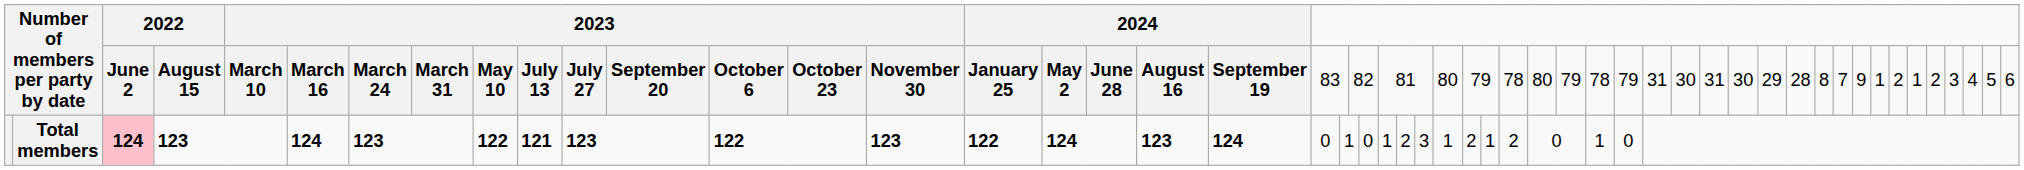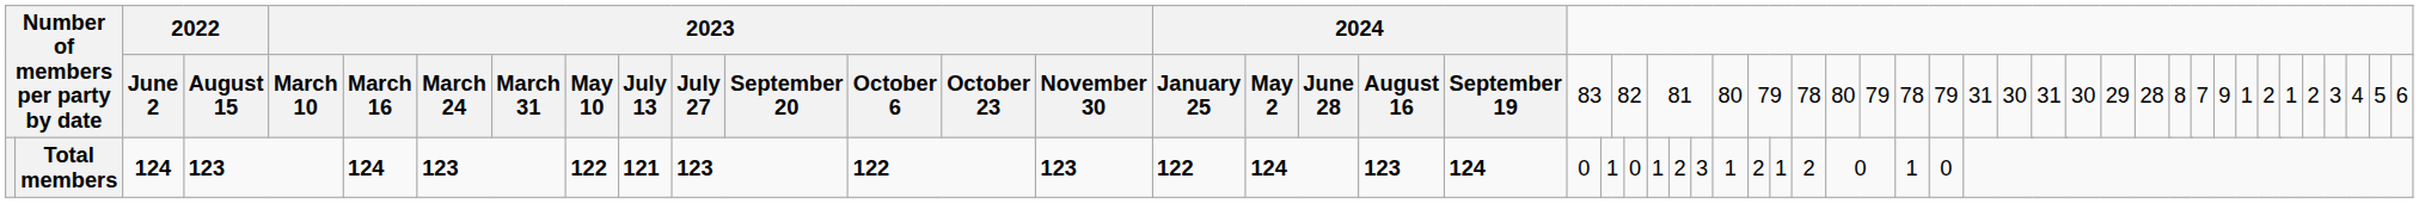 <table class="wikitable">
 <tr>
 <th colspan="2" rowspan="2">Number of members<br>per party by date</th>
 <th colspan="2">2022</th>
 <th colspan="11">2023</th>
 <th colspan="5">2024</th>
 </tr>
 <tr>
 <th>June 2</th>
 <th>August 15</th>
 <th>March 10</th>
 <th>March 16</th>
 <th>March 24</th>
 <th>March 31</th>
 <th>May 10</th>
 <th>July 13</th>
 <th>July 27</th>
 <th>September 20</th>
 <th>October 6</th>
 <th>October 23</th>
 <th>November 30</th>
 <th>January 25</th>
 <th>May 2</th>
 <th>June 28</th>
 <th>August 16</th>
 <th>September 19<br></th>
 <td colspan=2 align="center">83</td>
 <td colspan=2 align="center">82</td>
 <td colspan=5 align="center">81</td>
 <td colspan=1 align="center">80</td>
 <td colspan=3 align="center">79</td>
 <td colspan=1 align="center">78</td>
 <td colspan=1 align="center">80</td>
 <td colspan=1 align="center">79</td>
 <td colspan=1 align="center">78</td>
 <td colspan=1 align="center">79<br></td>
 <td align="center">31</td>
 <td colspan=2 align="center">30</td>
 <td colspan=2 align="center">31</td>
 <td colspan=2 align="center">30</td>
 <td colspan=4 align="center">29</td>
 <td colspan=7 align="center">28<br></td>
 <td colspan=6 align="center">8</td>
 <td colspan=2 align="center">7</td>
 <td colspan=10 align="center">9<br></td>
 <td colspan=12 align="center">1</td>
 <td colspan=6 align="center">2<br></td>
 <td colspan=2 align="center">1</td>
 <td colspan=3 align="center">2</td>
 <td colspan=4 align="center">3</td>
 <td colspan=2 align="center">4</td>
 <td colspan=4 align="center">5</td>
 <td colspan=3 align="center">6</td>
 </tr>
 <tr>
 <th></th>
 <th>Total members</th>
-<td align="center" style="background: pink;"><strong>124</strong></td>
+<td align="center"><strong>124</strong></td>
 <td colspan="2"><strong>123</strong></td>
 <td><strong>124</strong></td>
 <td colspan="2"><strong>123</strong></td>
 <td><strong>122</strong></td>
 <td><strong>121</strong></td>
 <td colspan="2"><strong>123</strong></td>
 <td colspan="2"><strong>122</strong></td>
 <td><strong>123</strong></td>
 <td><strong>122</strong></td>
 <td colspan="2"><strong>124</strong></td>
 <td><strong>123</strong></td>
 <td><strong>124</strong><br></td>
 <td align="center">0</td>
 <td colspan=2 align="center">1</td>
 <td align="center">0</td>
 <td colspan=2 align="center">1</td>
 <td align="center">2</td>
 <td align="center">3</td>
 <td colspan=2 align="center">1</td>
 <td colspan=2 align="center">2</td>
 <td colspan=1 align="center">1</td>
 <td colspan=1 align="center">2</td>
 <td colspan=2 align="center">0</td>
 <td colspan=1 align="center">1</td>
 <td colspan=1 align="center">0</td>
 </tr>
 </table>
